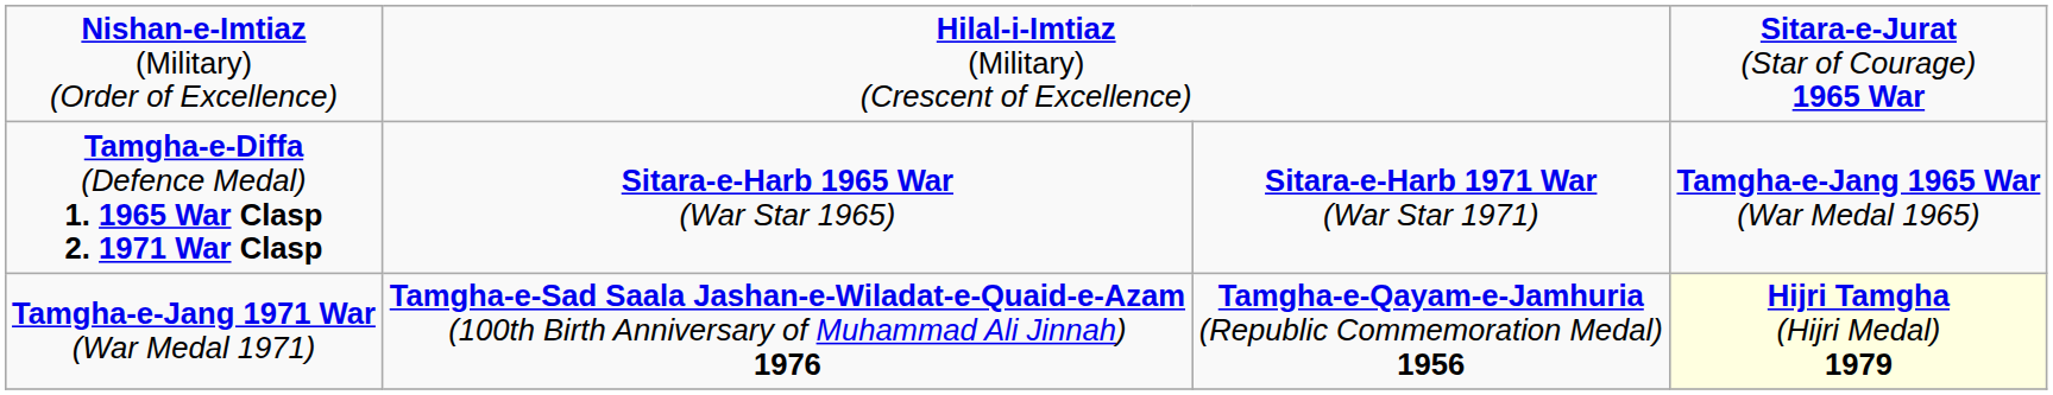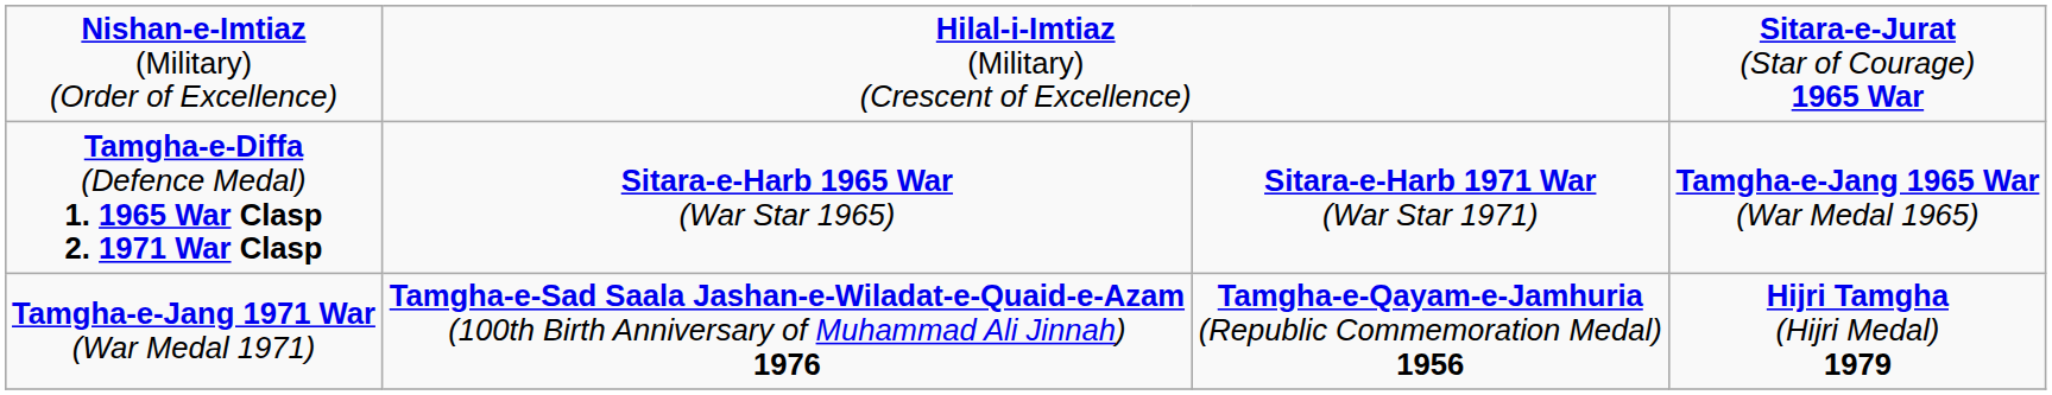 <table class="wikitable" style="margin:1em auto; text-align:center;">
 <tr>
 <td><strong><a href='#'>Nishan-e-Imtiaz</a></strong><br>(Military)<br><em>(Order of Excellence)</em></td>
 <td colspan="2"><strong><a href='#'>Hilal-i-Imtiaz</a></strong><br>(Military)<br><em>(Crescent of Excellence)</em></td>
 <td><strong><a href='#'>Sitara-e-Jurat</a></strong><br><em>(Star of Courage)</em><br><strong><a href='#'>1965 War</a></strong></td>
 </tr>
 <tr>
 <td><strong><a href='#'>Tamgha-e-Diffa</a></strong><br><em>(Defence Medal)</em><br><strong>1. <a href='#'>1965 War</a> Clasp</strong><br><strong>2. <a href='#'>1971 War</a> Clasp</strong></td>
 <td><strong><a href='#'>Sitara-e-Harb 1965 War</a></strong><br><em>(War Star 1965)</em></td>
 <td><strong><a href='#'>Sitara-e-Harb 1971 War</a></strong><br><em>(War Star 1971)</em></td>
 <td><strong><a href='#'>Tamgha-e-Jang 1965 War</a></strong><br><em>(War Medal 1965)</em></td>
 </tr>
 <tr>
 <td><strong><a href='#'>Tamgha-e-Jang 1971 War</a></strong><br><em>(War Medal 1971)</em></td>
 <td><strong><a href='#'>Tamgha-e-Sad Saala Jashan-e-Wiladat-e-Quaid-e-Azam</a></strong><br><em>(100th Birth Anniversary of <a href='#'>Muhammad Ali Jinnah</a>)</em><br><strong>1976</strong></td>
 <td><strong><a href='#'>Tamgha-e-Qayam-e-Jamhuria</a></strong><br><em>(Republic Commemoration Medal)</em><br><strong>1956</strong></td>
-<td style="background: lightyellow;"><strong><a href='#'>Hijri Tamgha</a></strong><br><em>(Hijri Medal)</em><br><strong>1979</strong></td>
+<td><strong><a href='#'>Hijri Tamgha</a></strong><br><em>(Hijri Medal)</em><br><strong>1979</strong></td>
 </tr>
 </table>
